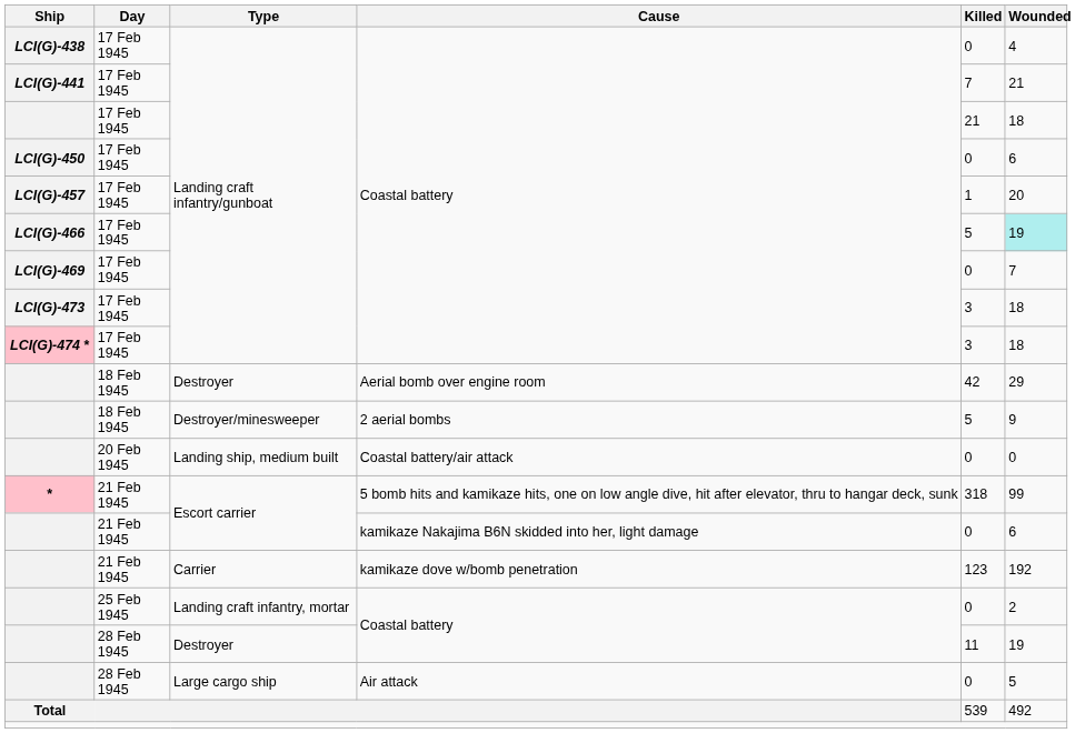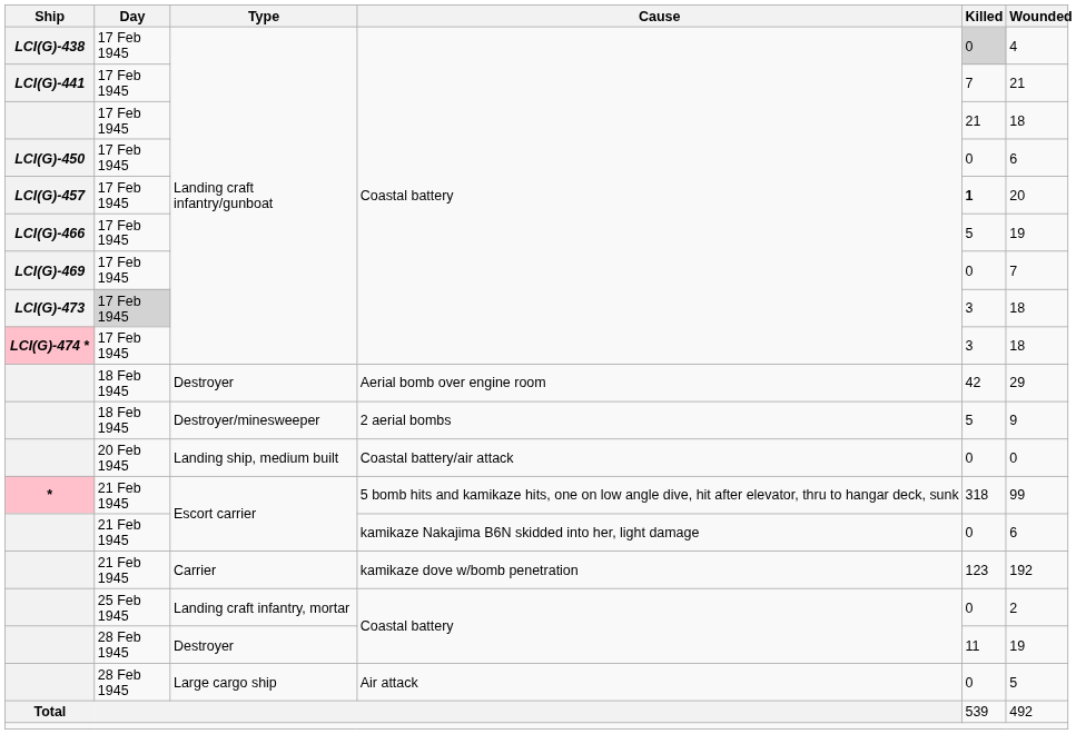 <table class="wikitable sortable plainrowheaders" style="font-size: 95%;" style="text-align:right;">
 <tr>
 <th scope="col" style="width:6em;">Ship</th>
 <th scope="col" style="width:5em;">Day</th>
 <th scope="col" style="width:13em;">Type</th>
 <th scope="col">Cause</th>
 <th scope="col" style="max-width:4em;">Killed</th>
 <th scope="col" style="max-width:4em;">Wounded</th>
 </tr>
 <tr>
 <th scope="row"><em>LCI(G)-438</em></th>
 <td>17 Feb 1945</td>
 <td rowspan="9" style="text-align:left;">Landing craft infantry/gunboat</td>
 <td rowspan="9" style="text-align:left;">Coastal battery</td>
-<td>0</td>
+<td style="background: lightgrey;">0</td>
 <td>4</td>
 </tr>
 <tr>
 <th scope="row"><em>LCI(G)-441</em></th>
 <td>17 Feb 1945</td>
 <td>7</td>
 <td>21</td>
 </tr>
 <tr>
 <th scope="row"></th>
 <td>17 Feb 1945</td>
 <td>21</td>
 <td>18</td>
 </tr>
 <tr>
 <th scope="row"><em>LCI(G)-450</em></th>
 <td>17 Feb 1945</td>
 <td>0</td>
 <td>6</td>
 </tr>
 <tr>
 <th scope="row"><em>LCI(G)-457</em></th>
 <td>17 Feb 1945</td>
-<td>1</td>
+<td><strong>1</strong></td>
 <td>20</td>
 </tr>
 <tr>
 <th scope="row"><em>LCI(G)-466</em></th>
 <td>17 Feb 1945</td>
 <td>5</td>
-<td style="background: paleturquoise;">19</td>
+<td>19</td>
 </tr>
 <tr>
 <th scope="row"><em>LCI(G)-469</em></th>
 <td>17 Feb 1945</td>
 <td>0</td>
 <td>7</td>
 </tr>
 <tr>
 <th scope="row"><em>LCI(G)-473</em></th>
-<td>17 Feb 1945</td>
+<td style="background: lightgrey;">17 Feb 1945</td>
 <td>3</td>
 <td>18</td>
 </tr>
 <tr>
 <th scope="row" style="background:pink;"><em>LCI(G)-474</em> *</th>
 <td>17 Feb 1945</td>
 <td>3</td>
 <td>18</td>
 </tr>
 <tr>
 <th scope="row"></th>
 <td>18 Feb 1945</td>
 <td style="text-align:left;">Destroyer</td>
 <td style="text-align:left;">Aerial bomb over engine room</td>
 <td>42</td>
 <td>29</td>
 </tr>
 <tr>
 <th scope="row"></th>
 <td>18 Feb 1945</td>
 <td style="text-align:left;">Destroyer/minesweeper</td>
 <td style="text-align:left;">2 aerial bombs</td>
 <td>5</td>
 <td>9</td>
 </tr>
 <tr>
 <th scope="row"></th>
 <td>20 Feb 1945</td>
 <td style="text-align:left;">Landing ship, medium built</td>
 <td style="text-align:left;">Coastal battery/air attack</td>
 <td>0</td>
 <td>0</td>
 </tr>
 <tr>
 <th scope="row" style="background:pink;"> *</th>
 <td>21 Feb 1945</td>
 <td rowspan="2" style="text-align:left;">Escort carrier</td>
 <td style="text-align:left;">5 bomb hits and kamikaze hits, one on low angle dive, hit after elevator, thru to hangar deck, sunk</td>
 <td>318</td>
 <td>99</td>
 </tr>
 <tr>
 <th scope="row"></th>
 <td>21 Feb 1945</td>
 <td style="text-align:left;">kamikaze Nakajima B6N skidded into her, light damage</td>
 <td>0</td>
 <td>6</td>
 </tr>
 <tr>
 <th scope="row"></th>
 <td>21 Feb 1945</td>
 <td style="text-align:left;">Carrier</td>
 <td style="text-align:left;">kamikaze dove w/bomb penetration</td>
 <td>123</td>
 <td>192</td>
 </tr>
 <tr>
 <th scope="row"></th>
 <td>25 Feb 1945</td>
 <td style="text-align:left;">Landing craft infantry, mortar</td>
 <td rowspan="2" style="text-align:left;">Coastal battery</td>
 <td>0</td>
 <td>2</td>
 </tr>
 <tr>
 <th scope="row"></th>
 <td>28 Feb 1945</td>
 <td style="text-align:left;">Destroyer</td>
 <td>11</td>
 <td>19</td>
 </tr>
 <tr>
 <th scope="row"></th>
 <td>28 Feb 1945</td>
 <td style="text-align:left;">Large cargo ship</td>
 <td style="text-align:left;">Air attack</td>
 <td>0</td>
 <td>5</td>
 </tr>
 <tr class="sortbottom">
 <th style="border-right: 0;">Total</th>
 <th colspan="3" style="border-left: 0;"></th>
 <td>539</td>
 <td>492</td>
 </tr>
 <tr>
 <td colspan=6></td>
 </tr>
 </table>
